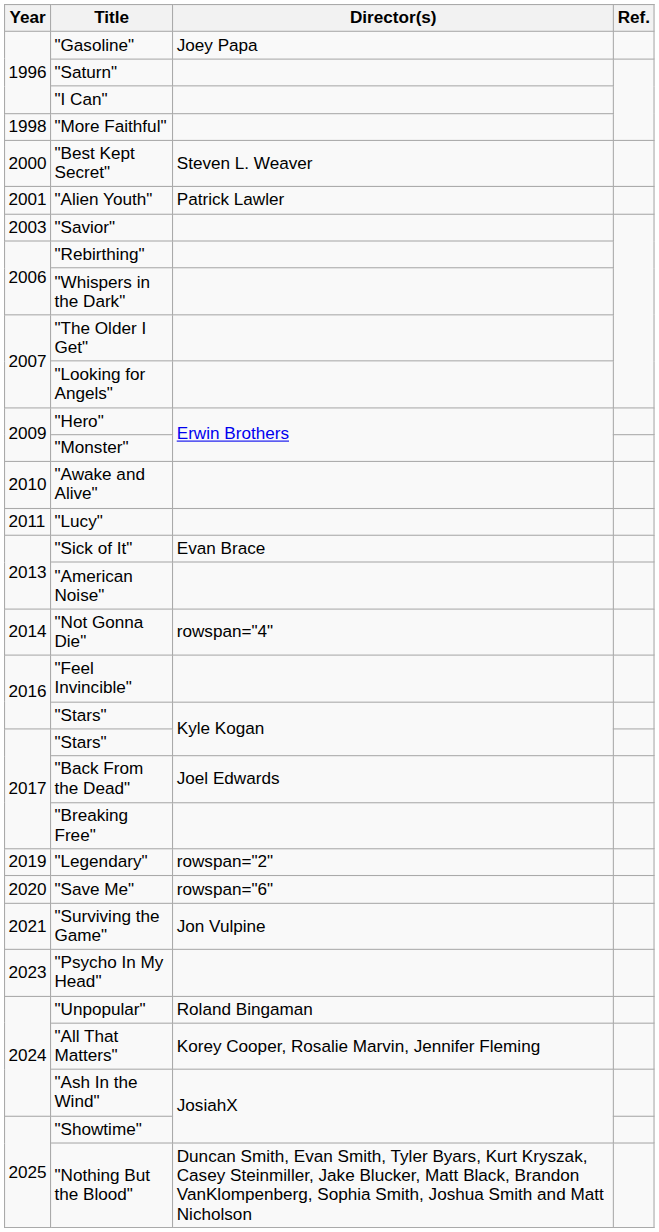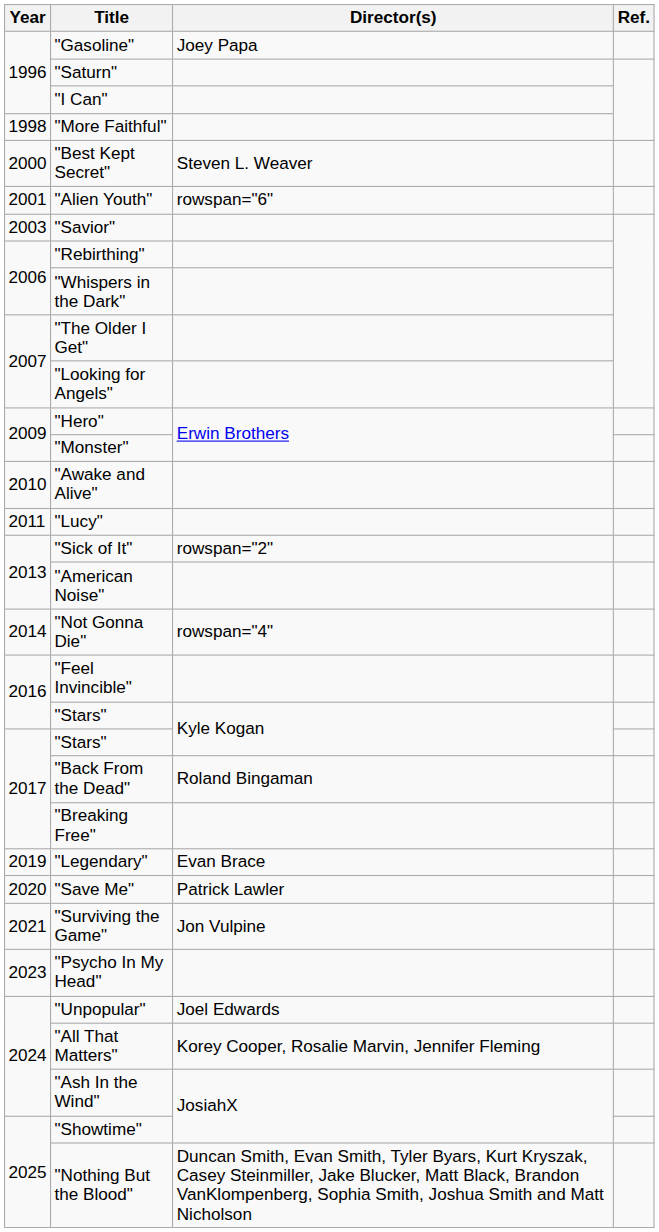 <table class="wikitable">
 <tr>
 <th>Year</th>
 <th>Title</th>
 <th>Director(s)</th>
 <th>Ref.</th>
 </tr>
 <tr>
 <td rowspan="3">1996</td>
 <td>"Gasoline"</td>
 <td>Joey Papa</td>
 <td></td>
 </tr>
 <tr>
 <td>"Saturn"</td>
 <td></td>
 </tr>
 <tr>
 <td>"I Can"</td>
 <td></td>
 </tr>
 <tr>
 <td>1998</td>
 <td>"More Faithful"</td>
 <td></td>
 </tr>
 <tr>
 <td>2000</td>
 <td>"Best Kept Secret"</td>
 <td>Steven L. Weaver</td>
 <td></td>
 </tr>
 <tr>
 <td>2001</td>
 <td>"Alien Youth"</td>
-<td>Patrick Lawler</td>
+<td>rowspan="6" </td>
 <td></td>
 </tr>
 <tr>
 <td>2003</td>
 <td>"Savior"</td>
 <td></td>
 </tr>
 <tr>
 <td rowspan="2">2006</td>
 <td>"Rebirthing"</td>
 <td></td>
 </tr>
 <tr>
 <td>"Whispers in the Dark"</td>
 <td></td>
 </tr>
 <tr>
 <td rowspan="2">2007</td>
 <td>"The Older I Get"</td>
 <td></td>
 </tr>
 <tr>
 <td>"Looking for Angels"</td>
 <td></td>
 </tr>
 <tr>
 <td rowspan="2">2009</td>
 <td>"Hero"</td>
 <td rowspan="2"><a href='#'>Erwin Brothers</a></td>
 <td></td>
 </tr>
 <tr>
 <td>"Monster"</td>
 <td></td>
 </tr>
 <tr>
 <td>2010</td>
 <td>"Awake and Alive"</td>
 <td></td>
 <td></td>
 </tr>
 <tr>
 <td>2011</td>
 <td>"Lucy"</td>
 <td></td>
 </tr>
 <tr>
 <td rowspan="2">2013</td>
 <td>"Sick of It"</td>
-<td>Evan Brace</td>
+<td>rowspan="2" </td>
 <td></td>
 </tr>
 <tr>
 <td>"American Noise"</td>
 <td></td>
 </tr>
 <tr>
 <td>2014</td>
 <td>"Not Gonna Die"</td>
 <td>rowspan="4" </td>
 <td></td>
 </tr>
 <tr>
 <td rowspan="2">2016</td>
 <td>"Feel Invincible"</td>
 <td></td>
 <td></td>
 </tr>
 <tr>
 <td>"Stars"</td>
 <td rowspan="2">Kyle Kogan</td>
 <td></td>
 </tr>
 <tr>
 <td rowspan="3">2017</td>
 <td>"Stars" </td>
 <td></td>
 </tr>
 <tr>
 <td>"Back From the Dead"</td>
-<td>Joel Edwards</td>
+<td>Roland Bingaman</td>
 <td></td>
 </tr>
 <tr>
 <td>"Breaking Free"</td>
 <td></td>
 <td></td>
 </tr>
 <tr>
 <td>2019</td>
 <td>"Legendary"</td>
-<td>rowspan="2" </td>
+<td>Evan Brace</td>
 <td></td>
 </tr>
 <tr>
 <td>2020</td>
 <td>"Save Me"</td>
-<td>rowspan="6" </td>
+<td>Patrick Lawler</td>
 <td></td>
 </tr>
 <tr>
 <td>2021</td>
 <td>"Surviving the Game"</td>
 <td>Jon Vulpine</td>
 <td></td>
 </tr>
 <tr>
 <td>2023</td>
 <td>"Psycho In My Head"</td>
 <td></td>
 <td></td>
 </tr>
 <tr>
 <td rowspan="3">2024</td>
 <td>"Unpopular"</td>
-<td>Roland Bingaman</td>
+<td>Joel Edwards</td>
 <td></td>
 </tr>
 <tr>
 <td>"All That Matters"</td>
 <td>Korey Cooper, Rosalie Marvin, Jennifer Fleming</td>
 <td></td>
 </tr>
 <tr>
 <td>"Ash In the Wind"</td>
 <td rowspan="2">JosiahX</td>
 <td></td>
 </tr>
 <tr>
 <td rowspan="2">2025</td>
 <td>"Showtime"</td>
 <td></td>
 </tr>
 <tr>
 <td>"Nothing But the Blood"</td>
 <td>Duncan Smith, Evan Smith, Tyler Byars, Kurt Kryszak, Casey Steinmiller, Jake Blucker, Matt Black, Brandon VanKlompenberg, Sophia Smith, Joshua Smith and Matt Nicholson</td>
 <td></td>
 </tr>
 </table>
